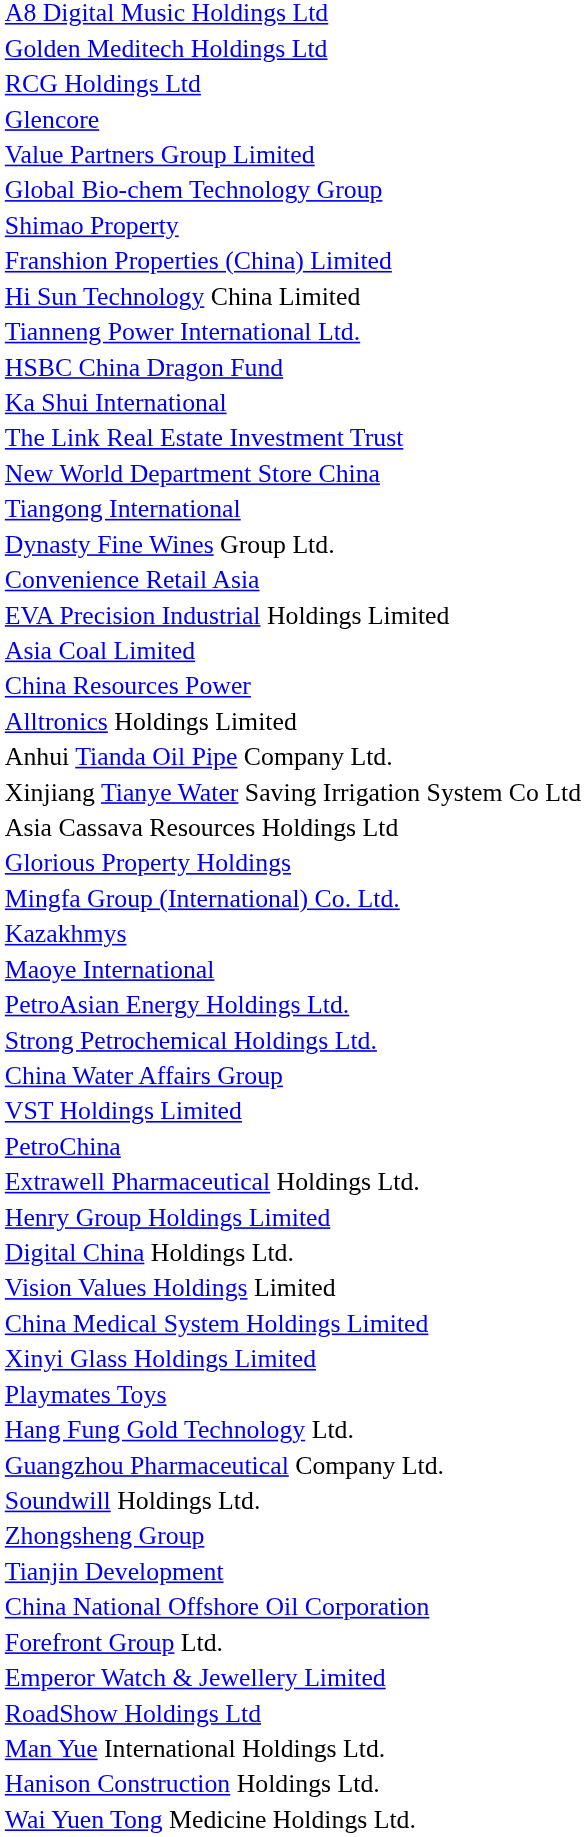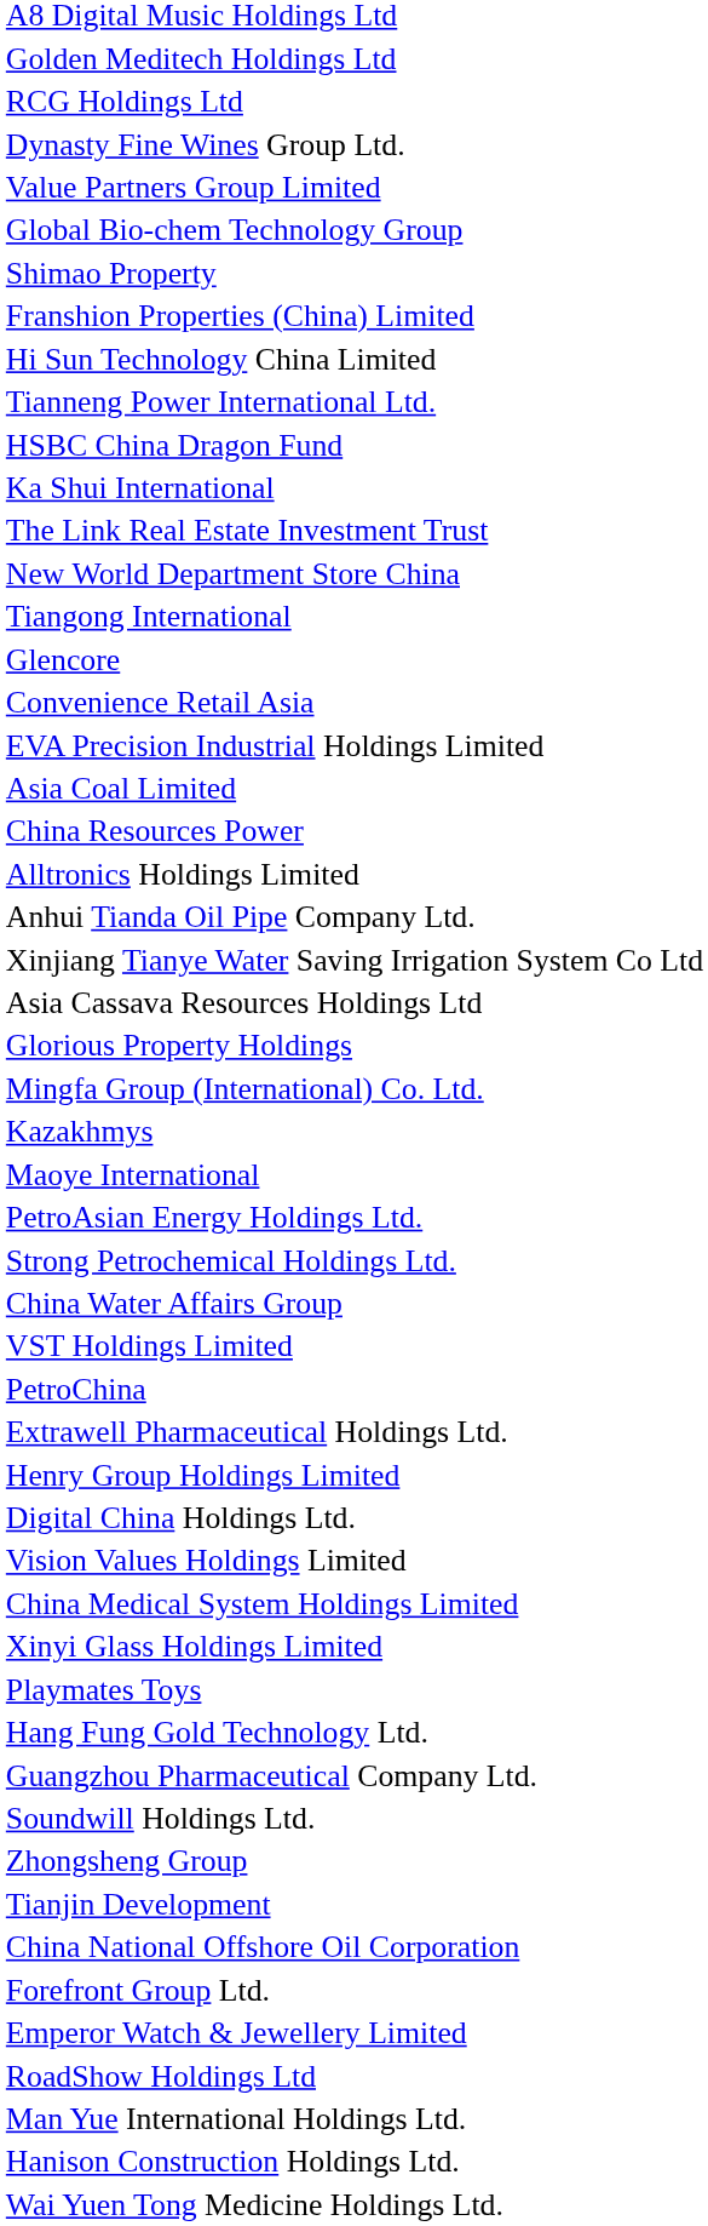 <table>
 <tr>
 <td> <a href='#'>A8 Digital Music Holdings Ltd</a></td>
 </tr>
 <tr>
 <td> <a href='#'>Golden Meditech Holdings Ltd</a></td>
 </tr>
 <tr>
 <td> <a href='#'>RCG Holdings Ltd</a></td>
 </tr>
 <tr>
-<td> <a href='#'>Glencore</a></td>
+<td> <a href='#'>Dynasty Fine Wines</a> Group Ltd.</td>
 </tr>
 <tr>
 <td> <a href='#'>Value Partners Group Limited</a></td>
 </tr>
 <tr>
 <td> <a href='#'>Global Bio-chem Technology Group</a></td>
 </tr>
 <tr>
 <td> <a href='#'>Shimao Property</a></td>
 </tr>
 <tr>
 <td> <a href='#'>Franshion Properties (China) Limited</a></td>
 </tr>
 <tr>
 <td> <a href='#'>Hi Sun Technology</a> China Limited</td>
 </tr>
 <tr>
 <td> <a href='#'>Tianneng Power International Ltd.</a></td>
 </tr>
 <tr>
 <td> <a href='#'>HSBC China Dragon Fund</a></td>
 </tr>
 <tr>
 <td> <a href='#'>Ka Shui International</a></td>
 </tr>
 <tr>
 <td> <a href='#'>The Link Real Estate Investment Trust</a></td>
 </tr>
 <tr>
 <td> <a href='#'>New World Department Store China</a></td>
 </tr>
 <tr>
 <td> <a href='#'>Tiangong International</a></td>
 </tr>
 <tr>
-<td> <a href='#'>Dynasty Fine Wines</a> Group Ltd.</td>
+<td> <a href='#'>Glencore</a></td>
 </tr>
 <tr>
 <td> <a href='#'>Convenience Retail Asia</a></td>
 </tr>
 <tr>
 <td> <a href='#'>EVA Precision Industrial</a> Holdings Limited</td>
 </tr>
 <tr>
 <td> <a href='#'>Asia Coal Limited</a></td>
 </tr>
 <tr>
 <td> <a href='#'>China Resources Power</a></td>
 </tr>
 <tr>
 <td> <a href='#'>Alltronics</a> Holdings Limited</td>
 </tr>
 <tr>
 <td> Anhui <a href='#'>Tianda Oil Pipe</a> Company Ltd.</td>
 </tr>
 <tr>
 <td> Xinjiang <a href='#'>Tianye Water</a> Saving Irrigation System Co Ltd</td>
 </tr>
 <tr>
 <td> Asia Cassava Resources Holdings Ltd</td>
 </tr>
 <tr>
 <td> <a href='#'>Glorious Property Holdings</a></td>
 </tr>
 <tr>
 <td> <a href='#'>Mingfa Group (International) Co. Ltd.</a></td>
 </tr>
 <tr>
 <td> <a href='#'>Kazakhmys</a></td>
 </tr>
 <tr>
 <td> <a href='#'>Maoye International</a></td>
 </tr>
 <tr>
 <td> <a href='#'>PetroAsian Energy Holdings Ltd.</a></td>
 </tr>
 <tr>
 <td> <a href='#'>Strong Petrochemical Holdings Ltd.</a></td>
 </tr>
 <tr>
 <td> <a href='#'>China Water Affairs Group</a></td>
 </tr>
 <tr>
 <td> <a href='#'>VST Holdings Limited</a></td>
 </tr>
 <tr>
 <td> <a href='#'>PetroChina</a></td>
 </tr>
 <tr>
 <td> <a href='#'>Extrawell Pharmaceutical</a> Holdings Ltd.</td>
 </tr>
 <tr>
 <td> <a href='#'>Henry Group Holdings Limited</a></td>
 </tr>
 <tr>
 <td> <a href='#'>Digital China</a> Holdings Ltd.</td>
 </tr>
 <tr>
 <td> <a href='#'>Vision Values Holdings</a> Limited</td>
 </tr>
 <tr>
 <td> <a href='#'>China Medical System Holdings Limited</a></td>
 </tr>
 <tr>
 <td> <a href='#'>Xinyi Glass Holdings Limited</a></td>
 </tr>
 <tr>
 <td> <a href='#'>Playmates Toys</a></td>
 </tr>
 <tr>
 <td> <a href='#'>Hang Fung Gold Technology</a> Ltd.</td>
 </tr>
 <tr>
 <td> <a href='#'>Guangzhou Pharmaceutical</a> Company Ltd.</td>
 </tr>
 <tr>
 <td> <a href='#'>Soundwill</a> Holdings Ltd.</td>
 </tr>
 <tr>
 <td> <a href='#'>Zhongsheng Group</a></td>
 </tr>
 <tr>
 <td> <a href='#'>Tianjin Development</a></td>
 </tr>
 <tr>
 <td> <a href='#'>China National Offshore Oil Corporation</a></td>
 </tr>
 <tr>
 <td> <a href='#'>Forefront Group</a> Ltd.</td>
 </tr>
 <tr>
 <td> <a href='#'>Emperor Watch & Jewellery Limited</a></td>
 </tr>
 <tr>
 <td> <a href='#'>RoadShow Holdings Ltd</a></td>
 </tr>
 <tr>
 <td> <a href='#'>Man Yue</a> International Holdings Ltd.</td>
 </tr>
 <tr>
 <td> <a href='#'>Hanison Construction</a> Holdings Ltd.</td>
 </tr>
 <tr>
 <td> <a href='#'>Wai Yuen Tong</a> Medicine Holdings Ltd.</td>
 </tr>
 </table>
